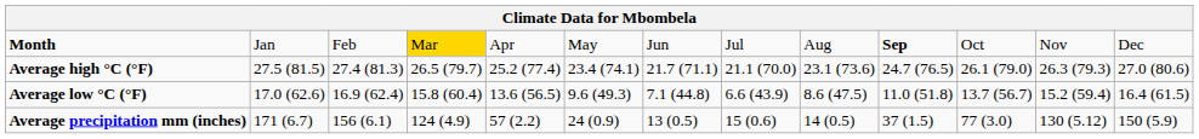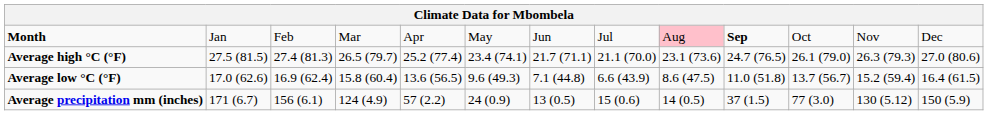 <table class="wikitable">
 <tr>
 <th colspan="13">Climate Data for Mbombela</th>
 </tr>
 <tr>
 <td><strong>Month</strong></td>
 <td>Jan</td>
 <td>Feb</td>
-<td style="background: gold;">Mar</td>
+<td>Mar</td>
 <td>Apr</td>
 <td>May</td>
 <td>Jun</td>
 <td>Jul</td>
-<td>Aug</td>
+<td style="background: pink;">Aug</td>
 <td><strong>Sep</strong></td>
 <td>Oct</td>
 <td>Nov</td>
 <td>Dec</td>
 </tr>
 <tr>
 <td><strong>Average high °C (°F)</strong></td>
 <td>27.5 (81.5)</td>
 <td>27.4 (81.3)</td>
 <td>26.5 (79.7)</td>
 <td>25.2 (77.4)</td>
 <td>23.4 (74.1)</td>
 <td>21.7 (71.1)</td>
 <td>21.1 (70.0)</td>
 <td>23.1 (73.6)</td>
 <td>24.7 (76.5)</td>
 <td>26.1 (79.0)</td>
 <td>26.3 (79.3)</td>
 <td>27.0 (80.6)</td>
 </tr>
 <tr>
 <td><strong>Average low °C (°F)</strong></td>
 <td>17.0 (62.6)</td>
 <td>16.9 (62.4)</td>
 <td>15.8 (60.4)</td>
 <td>13.6 (56.5)</td>
 <td>9.6 (49.3)</td>
 <td>7.1 (44.8)</td>
 <td>6.6 (43.9)</td>
 <td>8.6 (47.5)</td>
 <td>11.0 (51.8)</td>
 <td>13.7 (56.7)</td>
 <td>15.2 (59.4)</td>
 <td>16.4 (61.5)</td>
 </tr>
 <tr>
 <td><strong>Average <a href='#'>precipitation</a> mm (inches)</strong></td>
 <td>171 (6.7)</td>
 <td>156 (6.1)</td>
 <td>124 (4.9)</td>
 <td>57 (2.2)</td>
 <td>24 (0.9)</td>
 <td>13 (0.5)</td>
 <td>15 (0.6)</td>
 <td>14 (0.5)</td>
 <td>37 (1.5)</td>
 <td>77 (3.0)</td>
 <td>130 (5.12)</td>
 <td>150 (5.9)</td>
 </tr>
 </table>
